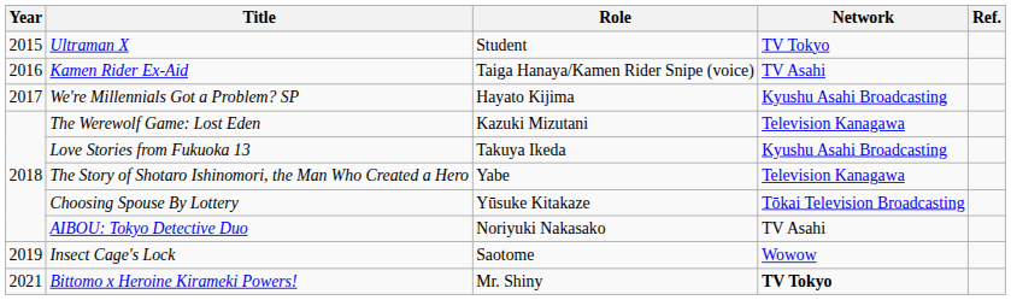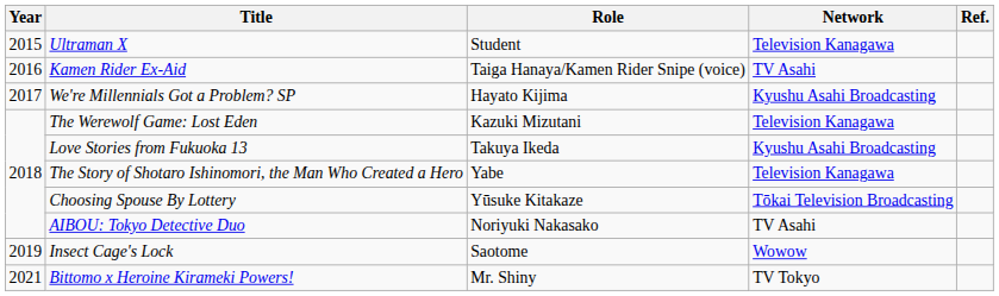 <table class="wikitable">
 <tr>
 <th>Year</th>
 <th>Title</th>
 <th>Role</th>
 <th>Network</th>
 <th>Ref.</th>
 </tr>
 <tr>
 <td>2015</td>
 <td><em><a href='#'>Ultraman X</a></em></td>
 <td>Student</td>
-<td><a href='#'>TV Tokyo</a></td>
+<td><a href='#'>Television Kanagawa</a></td>
 <td></td>
 </tr>
 <tr>
 <td>2016</td>
 <td><em><a href='#'>Kamen Rider Ex-Aid</a></em></td>
 <td>Taiga Hanaya/Kamen Rider Snipe (voice)</td>
 <td><a href='#'>TV Asahi</a></td>
 <td></td>
 </tr>
 <tr>
 <td>2017</td>
 <td><em>We're Millennials Got a Problem? SP</em></td>
 <td>Hayato Kijima</td>
 <td><a href='#'>Kyushu Asahi Broadcasting</a></td>
 <td></td>
 </tr>
 <tr>
 <td rowspan="5">2018</td>
 <td><em>The Werewolf Game: Lost Eden</em></td>
 <td>Kazuki Mizutani</td>
 <td><a href='#'>Television Kanagawa</a></td>
 <td></td>
 </tr>
 <tr>
 <td><em>Love Stories from Fukuoka 13</em></td>
 <td>Takuya Ikeda</td>
 <td><a href='#'>Kyushu Asahi Broadcasting</a></td>
 <td></td>
 </tr>
 <tr>
 <td><em>The Story of Shotaro Ishinomori, the Man Who Created a Hero</em></td>
 <td>Yabe</td>
 <td><a href='#'>Television Kanagawa</a></td>
 <td></td>
 </tr>
 <tr>
 <td><em>Choosing Spouse By Lottery</em></td>
 <td>Yūsuke Kitakaze</td>
 <td><a href='#'>Tōkai Television Broadcasting</a></td>
 <td></td>
 </tr>
 <tr>
 <td><em><a href='#'>AIBOU: Tokyo Detective Duo</a></em></td>
 <td>Noriyuki Nakasako</td>
 <td>TV Asahi</td>
 <td></td>
 </tr>
 <tr>
 <td>2019</td>
 <td><em>Insect Cage's Lock</em></td>
 <td>Saotome</td>
 <td><a href='#'>Wowow</a></td>
 <td></td>
 </tr>
 <tr>
 <td>2021</td>
 <td><em><a href='#'>Bittomo x Heroine Kirameki Powers!</a></em></td>
 <td>Mr. Shiny</td>
-<td><strong>TV Tokyo</strong></td>
+<td>TV Tokyo</td>
 <td></td>
 </tr>
 </table>
